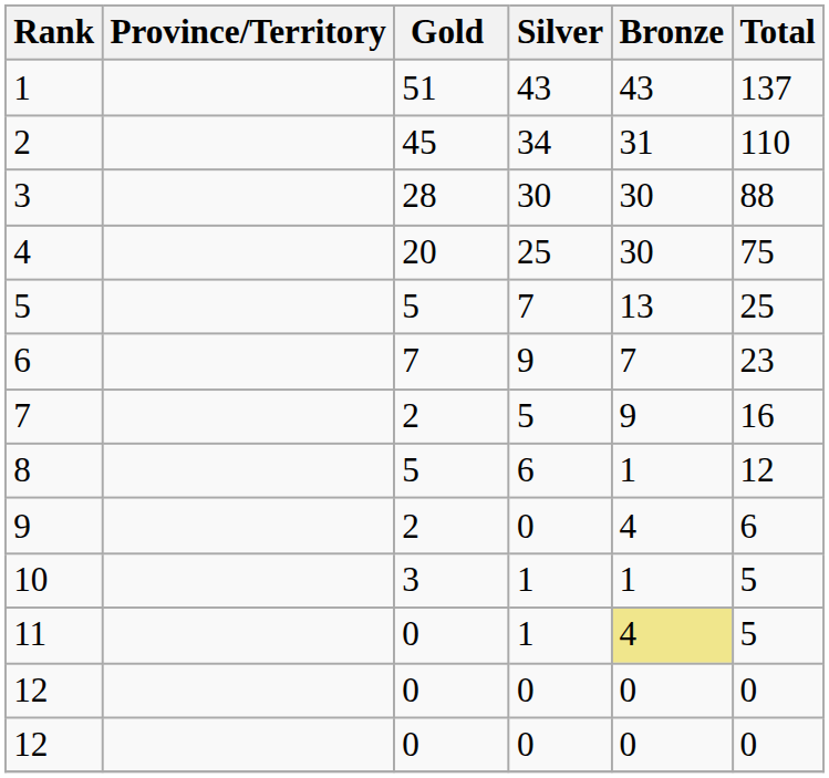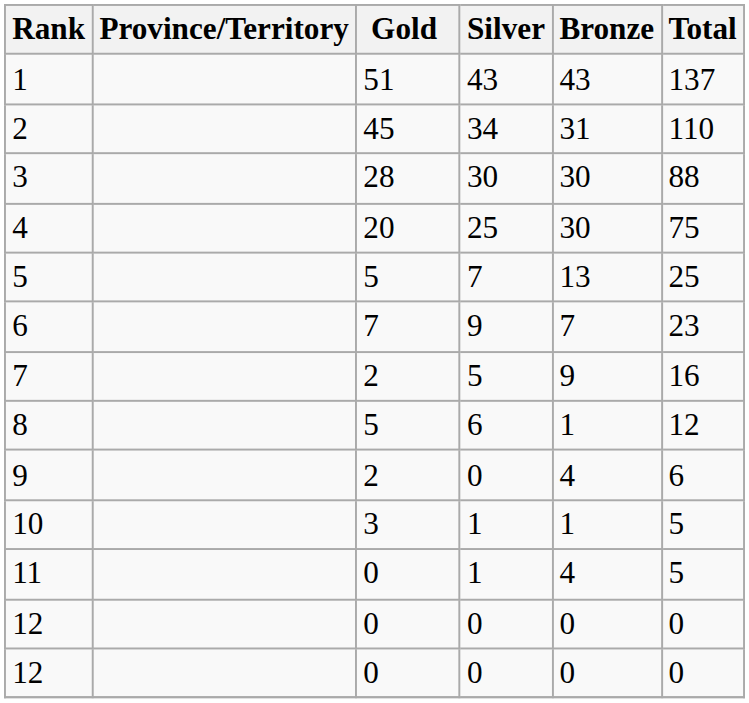 <table class="sortable wikitable">
 <tr>
 <th><strong>Rank</strong></th>
 <th><strong>Province/Territory</strong></th>
 <th bgcolor="gold"><strong> Gold  </strong></th>
 <th bgcolor="silver"><strong>Silver</strong></th>
 <th bgcolor="CC9966"><strong>Bronze</strong></th>
 <th><strong>Total</strong></th>
 </tr>
 <tr>
 <td>1</td>
 <td></td>
 <td>51</td>
 <td>43</td>
 <td>43</td>
 <td>137</td>
 </tr>
 <tr>
 <td>2</td>
 <td></td>
 <td>45</td>
 <td>34</td>
 <td>31</td>
 <td>110</td>
 </tr>
 <tr>
 <td>3</td>
 <td></td>
 <td>28</td>
 <td>30</td>
 <td>30</td>
 <td>88</td>
 </tr>
 <tr>
 <td>4</td>
 <td></td>
 <td>20</td>
 <td>25</td>
 <td>30</td>
 <td>75</td>
 </tr>
 <tr>
 <td>5</td>
 <td></td>
 <td>5</td>
 <td>7</td>
 <td>13</td>
 <td>25</td>
 </tr>
 <tr>
 <td>6</td>
 <td></td>
 <td>7</td>
 <td>9</td>
 <td>7</td>
 <td>23</td>
 </tr>
 <tr>
 <td>7</td>
 <td></td>
 <td>2</td>
 <td>5</td>
 <td>9</td>
 <td>16</td>
 </tr>
 <tr>
 <td>8</td>
 <td><strong></strong></td>
 <td>5</td>
 <td>6</td>
 <td>1</td>
 <td>12</td>
 </tr>
 <tr>
 <td>9</td>
 <td></td>
 <td>2</td>
 <td>0</td>
 <td>4</td>
 <td>6</td>
 </tr>
 <tr>
 <td>10</td>
 <td></td>
 <td>3</td>
 <td>1</td>
 <td>1</td>
 <td>5</td>
 </tr>
 <tr>
 <td>11</td>
 <td></td>
 <td>0</td>
 <td>1</td>
-<td style="background: khaki;">4</td>
+<td>4</td>
 <td>5</td>
 </tr>
 <tr>
 <td>12</td>
 <td></td>
 <td>0</td>
 <td>0</td>
 <td>0</td>
 <td>0</td>
 </tr>
 <tr>
 <td>12</td>
 <td></td>
 <td>0</td>
 <td>0</td>
 <td>0</td>
 <td>0</td>
 </tr>
 <tr>
 </tr>
 </table>
